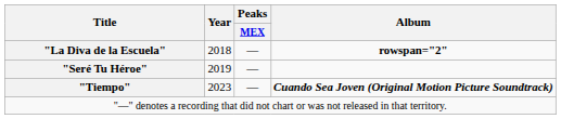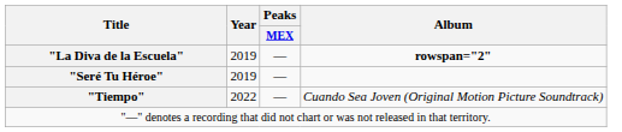 <table class="wikitable plainrowheaders" style="text-align:center;">
 <tr>
 <th scope="col" rowspan="2" style="width:16.5em;">Title</th>
 <th scope="col" rowspan="2" style="width:1em;">Year</th>
 <th scope="col" colspan="1">Peaks</th>
 <th scope="col" rowspan="2">Album</th>
 </tr>
 <tr>
 <th scope="col" style="width:3em;font-size:90%;"><a href='#'>MEX</a></th>
 </tr>
 <tr>
 <th scope="row">"La Diva de la Escuela"</th>
-<td>2018</td>
+<td>2019</td>
 <td>—</td>
 <td><strong>rowspan="2" </strong></td>
 </tr>
 <tr>
 <th scope="row">"Seré Tu Héroe"</th>
 <td>2019</td>
 <td>—</td>
 </tr>
 <tr>
 <th scope="row">"Tiempo"</th>
-<td>2023</td>
+<td>2022</td>
 <td>—</td>
-<td><strong><em>Cuando Sea Joven (Original Motion Picture Soundtrack)</em></strong></td>
+<td><em>Cuando Sea Joven (Original Motion Picture Soundtrack)</em></td>
 </tr>
 <tr>
 <td colspan="14" style="font-size:90%">"—" denotes a recording that did not chart or was not released in that territory.</td>
 </tr>
 </table>
